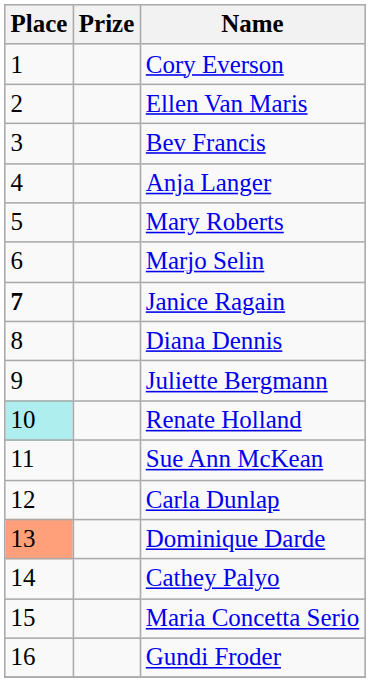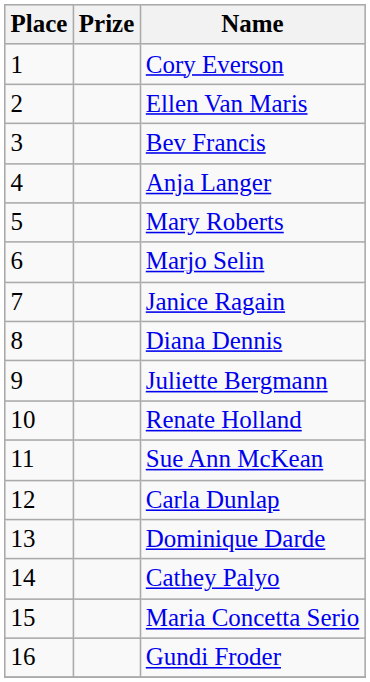 <table class="wikitable">
 <tr>
 <th>Place</th>
 <th>Prize</th>
 <th>Name</th>
 </tr>
 <tr>
 <td>1</td>
 <td></td>
 <td> <a href='#'>Cory Everson</a></td>
 </tr>
 <tr>
 <td>2</td>
 <td></td>
 <td> <a href='#'>Ellen Van Maris</a></td>
 </tr>
 <tr>
 <td>3</td>
 <td></td>
 <td> <a href='#'>Bev Francis</a></td>
 </tr>
 <tr>
 <td>4</td>
 <td></td>
 <td> <a href='#'>Anja Langer</a></td>
 </tr>
 <tr>
 <td>5</td>
 <td></td>
 <td> <a href='#'>Mary Roberts</a></td>
 </tr>
 <tr>
 <td>6</td>
 <td></td>
 <td> <a href='#'>Marjo Selin</a></td>
 </tr>
 <tr>
-<td><strong>7</strong></td>
+<td>7</td>
 <td></td>
 <td> <a href='#'>Janice Ragain</a></td>
 </tr>
 <tr>
 <td>8</td>
 <td></td>
 <td> <a href='#'>Diana Dennis</a></td>
 </tr>
 <tr>
 <td>9</td>
 <td></td>
 <td> <a href='#'>Juliette Bergmann</a></td>
 </tr>
 <tr>
-<td style="background: paleturquoise;">10</td>
+<td>10</td>
 <td></td>
 <td> <a href='#'>Renate Holland</a></td>
 </tr>
 <tr>
 <td>11</td>
 <td></td>
 <td> <a href='#'>Sue Ann McKean</a></td>
 </tr>
 <tr>
 <td>12</td>
 <td></td>
 <td> <a href='#'>Carla Dunlap</a></td>
 </tr>
 <tr>
-<td style="background: lightsalmon;">13</td>
+<td>13</td>
 <td></td>
 <td> <a href='#'>Dominique Darde</a></td>
 </tr>
 <tr>
 <td>14</td>
 <td></td>
 <td> <a href='#'>Cathey Palyo</a></td>
 </tr>
 <tr>
 <td>15</td>
 <td></td>
 <td> <a href='#'>Maria Concetta Serio</a></td>
 </tr>
 <tr>
 <td>16</td>
 <td></td>
 <td> <a href='#'>Gundi Froder</a></td>
 </tr>
 <tr>
 </tr>
 </table>
